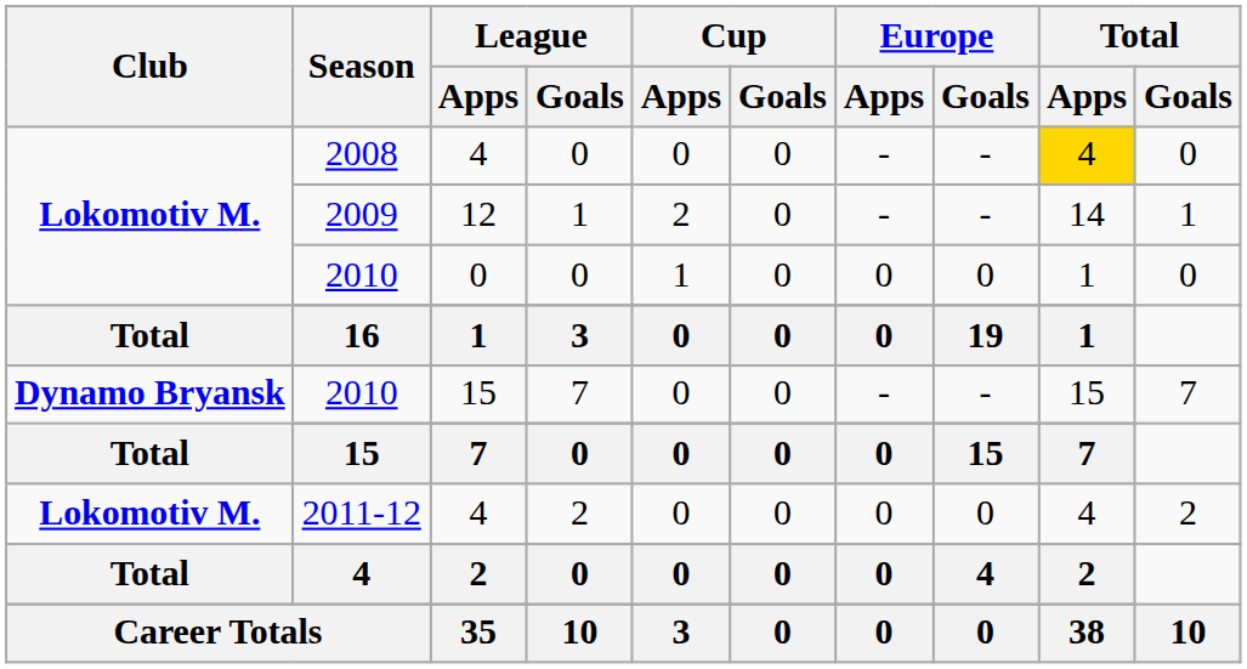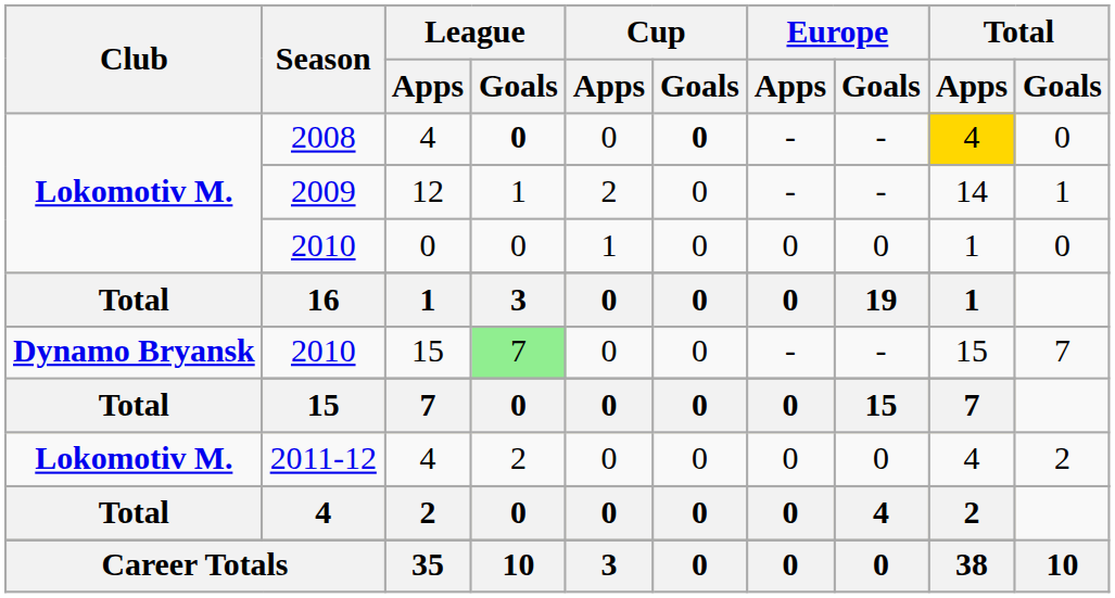 <table class="wikitable" style="font-size:90%; text-align: center;">
 <tr>
 <th rowspan="2">Club</th>
 <th rowspan="2">Season</th>
 <th colspan="2">League</th>
 <th colspan="2">Cup</th>
 <th colspan="2"><a href='#'>Europe</a></th>
 <th colspan="2">Total</th>
 </tr>
 <tr>
 <th>Apps</th>
 <th>Goals</th>
 <th>Apps</th>
 <th>Goals</th>
 <th>Apps</th>
 <th>Goals</th>
 <th>Apps</th>
 <th>Goals</th>
 </tr>
 <tr>
 <td rowspan="4" style="vertical-align:center;"><strong><a href='#'>Lokomotiv M.</a></strong></td>
 <td><a href='#'>2008</a></td>
 <td>4</td>
+<td><strong>0</strong></td>
 <td>0</td>
-<td>0</td>
-<td>0</td>
+<td><strong>0</strong></td>
 <td>-</td>
 <td>-</td>
 <td style="background: gold;">4</td>
 <td>0</td>
 </tr>
 <tr style="text-align:center;">
 <td><a href='#'>2009</a></td>
 <td>12</td>
 <td>1</td>
 <td>2</td>
 <td>0</td>
 <td>-</td>
 <td>-</td>
 <td>14</td>
 <td>1</td>
 </tr>
 <tr style="text-align:center;">
 <td><a href='#'>2010</a></td>
 <td>0</td>
 <td>0</td>
 <td>1</td>
 <td>0</td>
 <td>0</td>
 <td>0</td>
 <td>1</td>
 <td>0</td>
 </tr>
 <tr style="text-align:center;">
 </tr>
 <tr style="background:lemonchiffon">
 <th>Total</th>
 <th>16</th>
 <th>1</th>
 <th>3</th>
 <th>0</th>
 <th>0</th>
 <th>0</th>
 <th>19</th>
 <th>1</th>
 </tr>
 <tr style="text-align:center;">
 <td rowspan="2" style="vertical-align:center;"><strong><a href='#'>Dynamo Bryansk</a></strong></td>
 <td><a href='#'>2010</a></td>
 <td>15</td>
-<td>7</td>
+<td style="background: lightgreen;">7</td>
 <td>0</td>
 <td>0</td>
 <td>-</td>
 <td>-</td>
 <td>15</td>
 <td>7</td>
 </tr>
 <tr style="text-align:center;">
 </tr>
 <tr style="background:lemonchiffon">
 <th>Total</th>
 <th>15</th>
 <th>7</th>
 <th>0</th>
 <th>0</th>
 <th>0</th>
 <th>0</th>
 <th>15</th>
 <th>7</th>
 </tr>
 <tr style="text-align:center;">
 <td rowspan="2" style="vertical-align:center;"><strong><a href='#'>Lokomotiv M.</a></strong></td>
 <td><a href='#'>2011-12</a></td>
 <td>4</td>
 <td>2</td>
 <td>0</td>
 <td>0</td>
 <td>0</td>
 <td>0</td>
 <td>4</td>
 <td>2</td>
 </tr>
 <tr style="text-align:center;">
 </tr>
 <tr style="background:lemonchiffon">
 <th>Total</th>
 <th>4</th>
 <th>2</th>
 <th>0</th>
 <th>0</th>
 <th>0</th>
 <th>0</th>
 <th>4</th>
 <th>2</th>
 </tr>
 <tr style="text-align:center;">
 </tr>
 <tr>
 <th colspan="2">Career Totals</th>
 <th>35</th>
 <th>10</th>
 <th>3</th>
 <th>0</th>
 <th>0</th>
 <th>0</th>
 <th>38</th>
 <th>10</th>
 </tr>
 </table>
